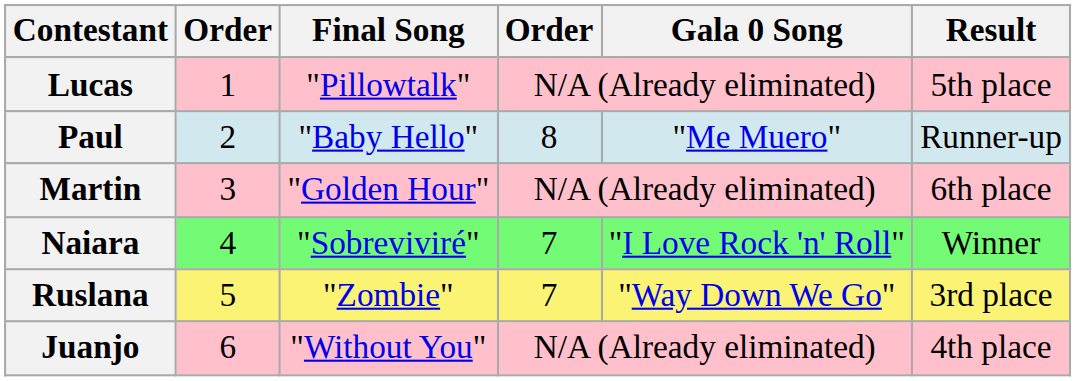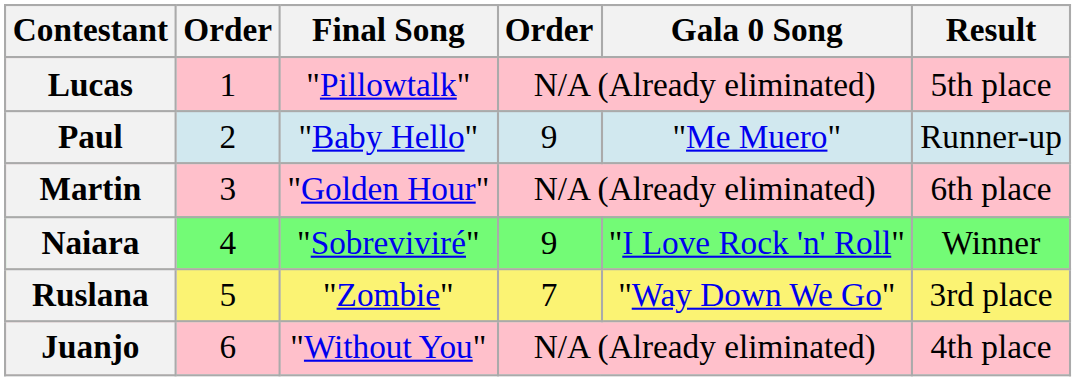 <table class="wikitable sortable plainrowheaders" style="text-align:center;">
 <tr>
 <th scope="col">Contestant</th>
 <th scope="col">Order</th>
 <th scope="col">Final Song</th>
 <th scope="col">Order</th>
 <th scope="col">Gala 0 Song</th>
 <th scope="col">Result</th>
 </tr>
 <tr style="background:pink;">
 <th scope="row">Lucas</th>
 <td>1</td>
 <td>"<a href='#'>Pillowtalk</a>"</td>
 <td colspan=2>N/A (Already eliminated)</td>
 <td>5th place</td>
 </tr>
 <tr style="background-color: rgb(209, 232, 239)">
 <th scope="row">Paul</th>
 <td>2</td>
 <td>"<a href='#'>Baby Hello</a>"</td>
-<td>8</td>
+<td>9</td>
 <td>"<a href='#'>Me Muero</a>"</td>
 <td>Runner-up</td>
 </tr>
 <tr style="background:pink;">
 <th scope="row">Martin</th>
 <td>3</td>
 <td>"<a href='#'>Golden Hour</a>"</td>
 <td colspan=2>N/A (Already eliminated)</td>
 <td>6th place</td>
 </tr>
 <tr style="background-color: rgb(115, 251, 118)">
 <th scope="row">Naiara</th>
 <td>4</td>
 <td>"<a href='#'>Sobreviviré</a>"</td>
-<td>7</td>
+<td>9</td>
 <td>"<a href='#'>I Love Rock 'n' Roll</a>"</td>
 <td>Winner</td>
 </tr>
 <tr style="background-color: rgb(251, 243, 115)">
 <th scope="row">Ruslana</th>
 <td>5</td>
 <td>"<a href='#'>Zombie</a>"</td>
 <td>7</td>
 <td>"<a href='#'>Way Down We Go</a>"</td>
 <td>3rd place</td>
 </tr>
 <tr style="background:pink;">
 <th scope="row">Juanjo</th>
 <td>6</td>
 <td>"<a href='#'>Without You</a>"</td>
 <td colspan=2>N/A (Already eliminated)</td>
 <td>4th place</td>
 </tr>
 </table>
